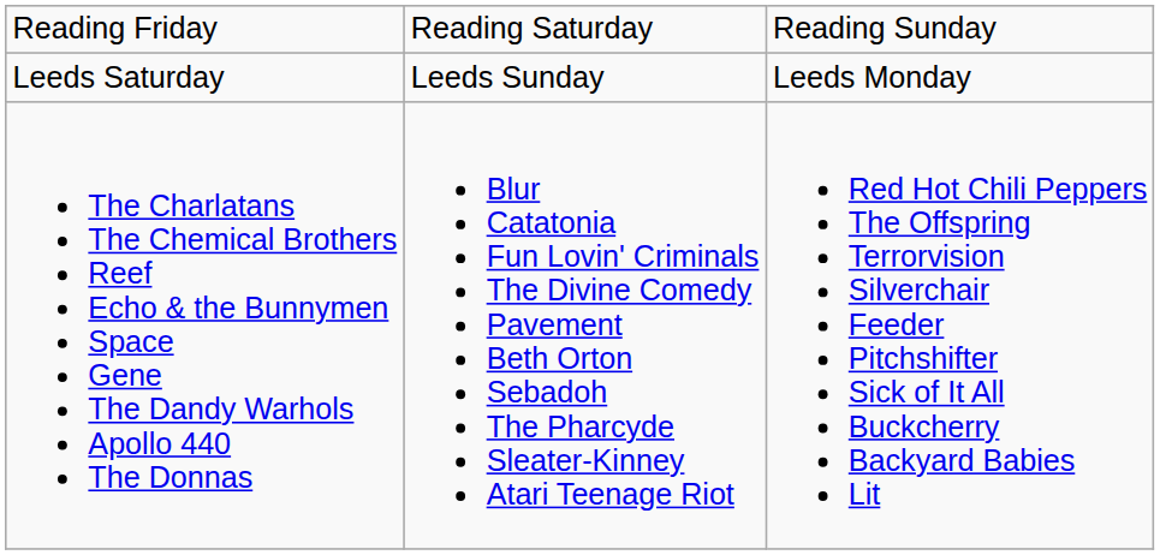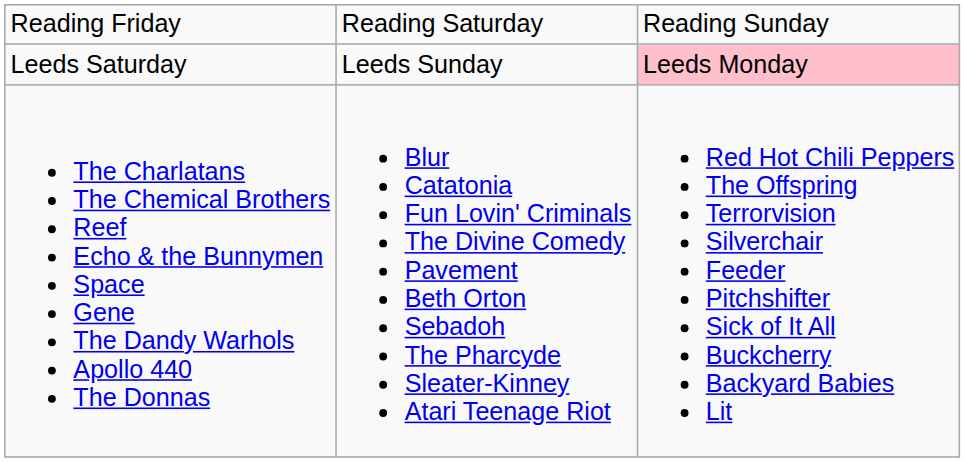 <table class="wikitable">
 <tr>
 <td>Reading Friday</td>
 <td>Reading Saturday</td>
 <td>Reading Sunday</td>
 </tr>
 <tr>
 <td>Leeds Saturday</td>
 <td>Leeds Sunday</td>
-<td>Leeds Monday</td>
+<td style="background: pink;">Leeds Monday</td>
 </tr>
 <tr>
 <td><br><ul><li><a href='#'>The Charlatans</a></li><li><a href='#'>The Chemical Brothers</a></li><li><a href='#'>Reef</a></li><li><a href='#'>Echo & the Bunnymen</a></li><li><a href='#'>Space</a></li><li><a href='#'>Gene</a></li><li><a href='#'>The Dandy Warhols</a></li><li><a href='#'>Apollo 440</a></li><li><a href='#'>The Donnas</a></li></ul></td>
 <td><br><ul><li><a href='#'>Blur</a></li><li><a href='#'>Catatonia</a></li><li><a href='#'>Fun Lovin' Criminals</a></li><li><a href='#'>The Divine Comedy</a></li><li><a href='#'>Pavement</a></li><li><a href='#'>Beth Orton</a></li><li><a href='#'>Sebadoh</a></li><li><a href='#'>The Pharcyde</a></li><li><a href='#'>Sleater-Kinney</a></li><li><a href='#'>Atari Teenage Riot</a></li></ul></td>
 <td><br><ul><li><a href='#'>Red Hot Chili Peppers</a></li><li><a href='#'>The Offspring</a></li><li><a href='#'>Terrorvision</a></li><li><a href='#'>Silverchair</a></li><li><a href='#'>Feeder</a></li><li><a href='#'>Pitchshifter</a></li><li><a href='#'>Sick of It All</a></li><li><a href='#'>Buckcherry</a></li><li><a href='#'>Backyard Babies</a></li><li><a href='#'>Lit</a></li></ul></td>
 </tr>
 </table>
